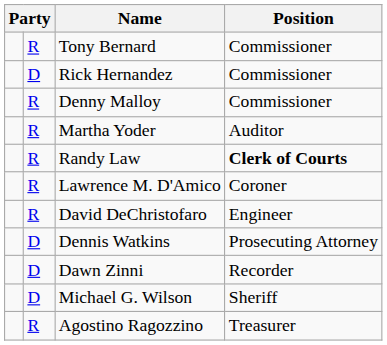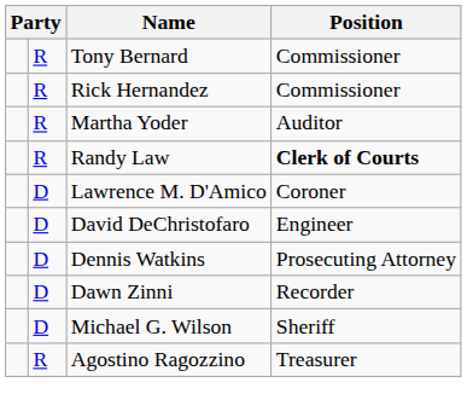 <table class=wikitable>
 <tr>
 <th colspan="2" style="text-align:center; vertical-align:bottom;">Party</th>
 <th style="text-align:center;">Name</th>
 <th valign=bottom>Position</th>
 </tr>
 <tr>
 <td style="background-color:"> </td>
 <td><a href='#'>R</a></td>
 <td>Tony Bernard</td>
 <td>Commissioner</td>
 </tr>
 <tr>
 <td style="background-color:"> </td>
-<td><a href='#'>D</a></td>
+<td><a href='#'>R</a></td>
 <td>Rick Hernandez</td>
-<td>Commissioner</td>
-</tr>
-<tr>
-<td style="background-color:"> </td>
-<td><a href='#'>R</a></td>
-<td>Denny Malloy</td>
 <td>Commissioner</td>
 </tr>
 <tr>
 <td style="background-color:"> </td>
 <td><a href='#'>R</a></td>
 <td>Martha Yoder</td>
 <td>Auditor</td>
 </tr>
 <tr>
 <td style="background-color:"> </td>
 <td><a href='#'>R</a></td>
 <td>Randy Law</td>
 <td><strong>Clerk of Courts</strong></td>
 </tr>
 <tr>
 <td style="background-color:"> </td>
-<td><a href='#'>R</a></td>
+<td><a href='#'>D</a></td>
 <td>Lawrence M. D'Amico</td>
 <td>Coroner</td>
 </tr>
 <tr>
 <td style="background-color:"> </td>
-<td><a href='#'>R</a></td>
+<td><a href='#'>D</a></td>
 <td>David DeChristofaro</td>
 <td>Engineer</td>
 </tr>
 <tr>
 <td style="background-color:"> </td>
 <td><a href='#'>D</a></td>
 <td>Dennis Watkins</td>
 <td>Prosecuting Attorney</td>
 </tr>
 <tr>
 <td style="background-color:"> </td>
 <td><a href='#'>D</a></td>
 <td>Dawn Zinni</td>
 <td>Recorder</td>
 </tr>
 <tr>
 <td style="background-color:"> </td>
 <td><a href='#'>D</a></td>
 <td>Michael G. Wilson</td>
 <td>Sheriff</td>
 </tr>
 <tr>
 <td style="background-color:"> </td>
 <td><a href='#'>R</a></td>
 <td>Agostino Ragozzino</td>
 <td>Treasurer</td>
 </tr>
 </table>
